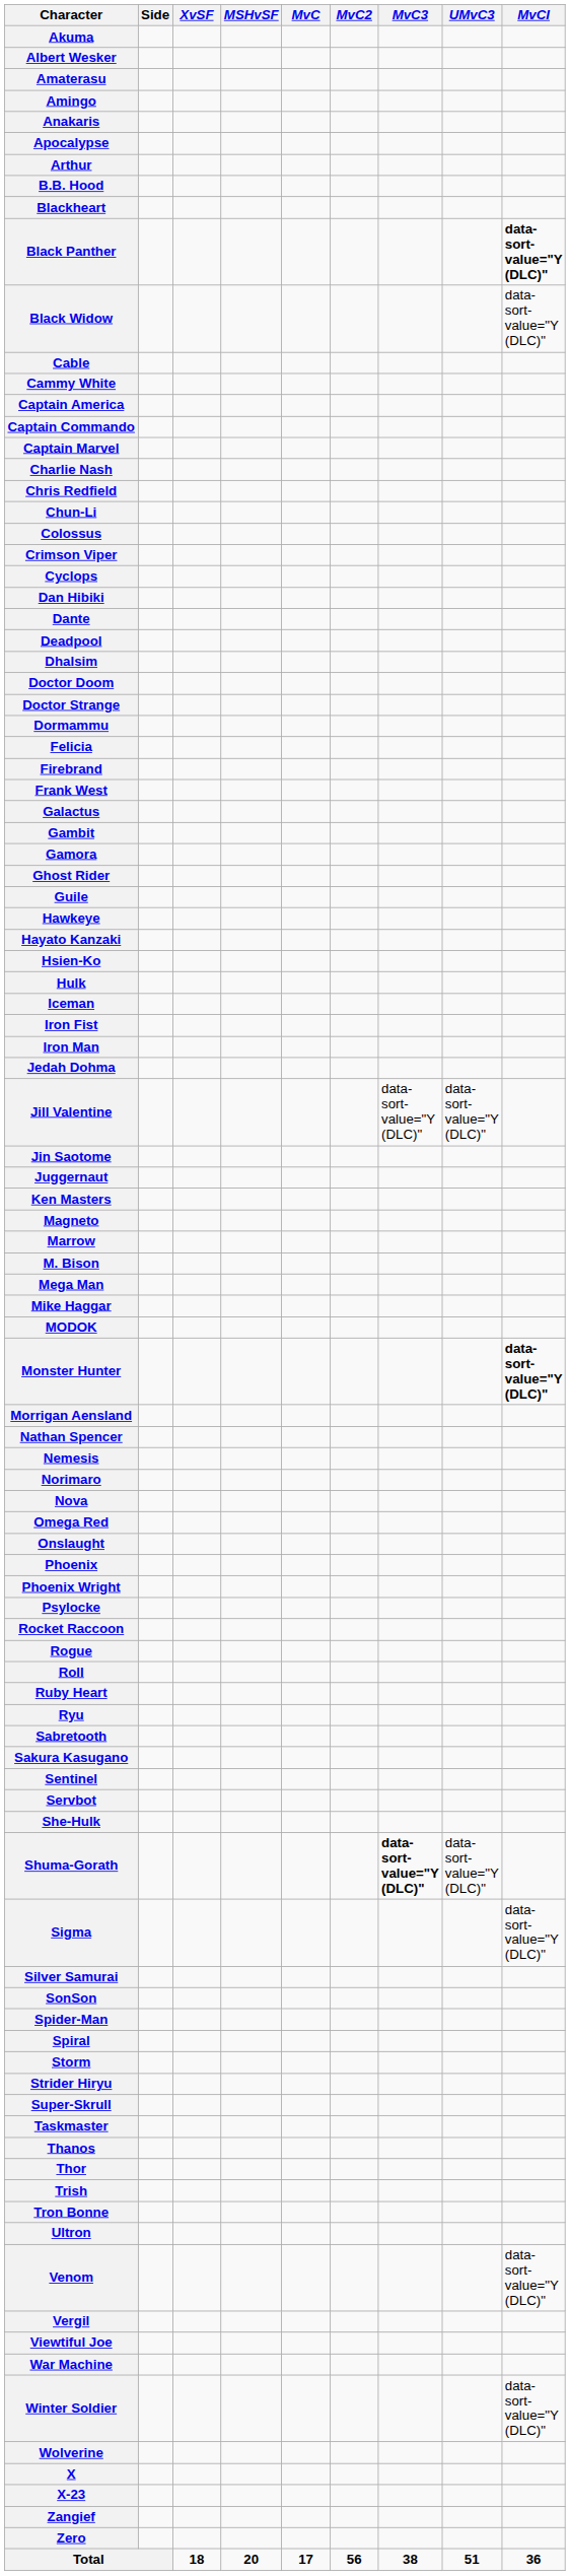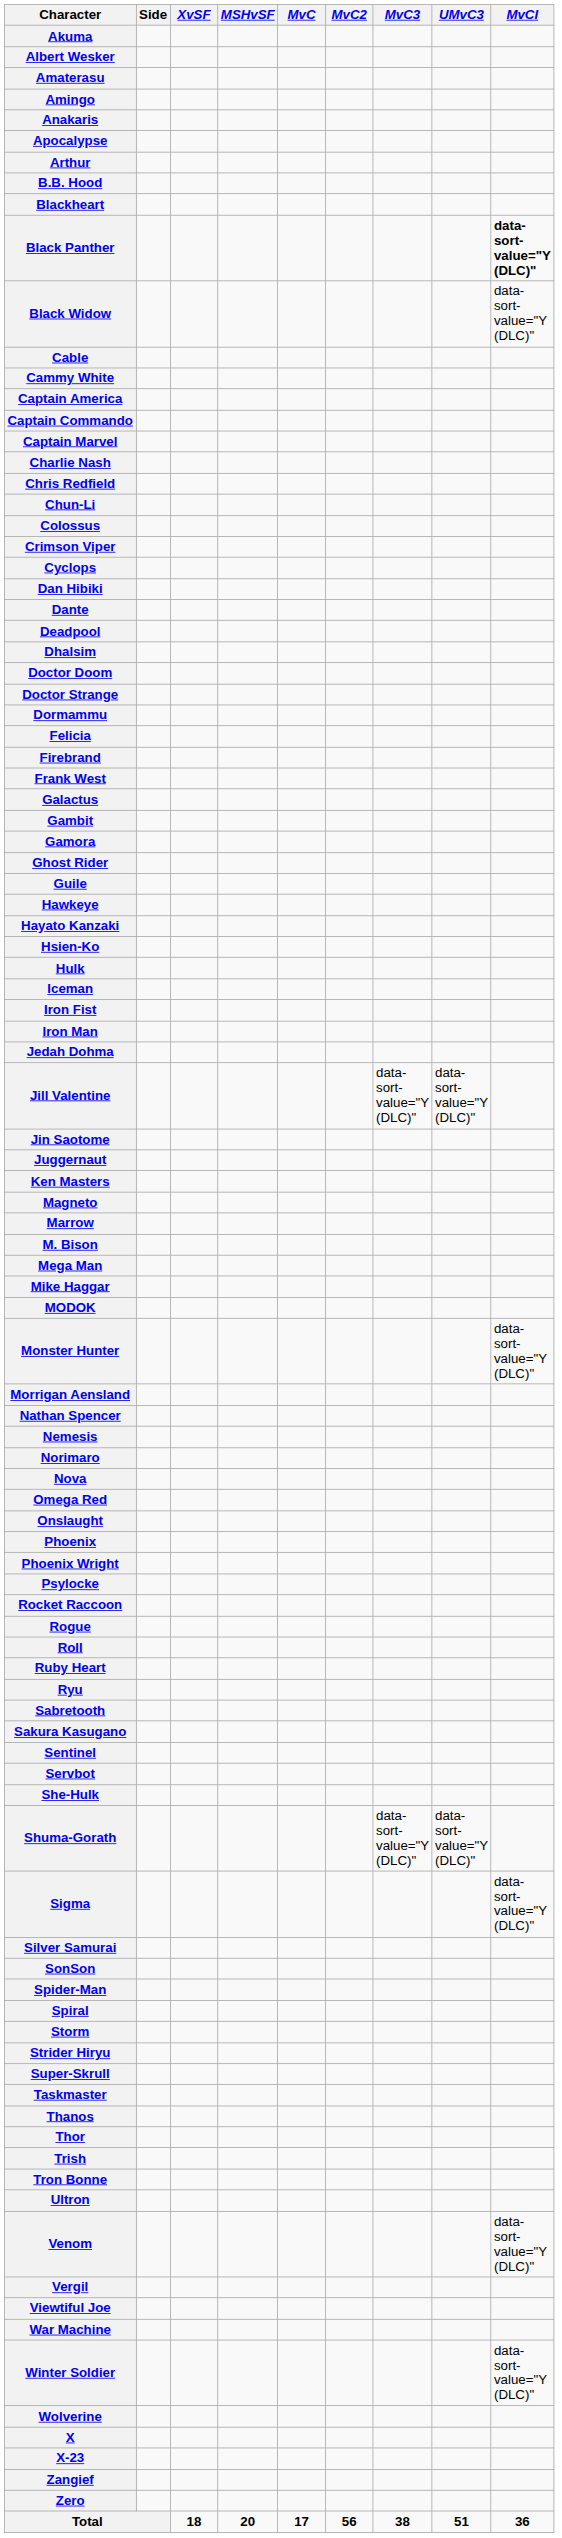 <table class="wikitable plainrowheaders sortable mw-collapsible mw-collapsed">
 <tr>
 <th>Character</th>
 <th>Side</th>
 <th style="text-align:center; width:50px;"><em><a href='#'>XvSF</a></em></th>
 <th style="text-align:center; width:50px;"><em><a href='#'>MSHvSF</a></em></th>
 <th style="text-align:center; width:50px;"><em><a href='#'>MvC</a></em></th>
 <th style="text-align:center; width:50px;"><em><a href='#'>MvC2</a></em></th>
 <th style="text-align:center; width:50px;"><em><a href='#'>MvC3</a></em></th>
 <th style="text-align:center; width:50px;"><em><a href='#'>UMvC3</a></em></th>
 <th style="text-align:center; width:50px;"><em><a href='#'>MvCI</a></em></th>
 </tr>
 <tr>
 <th scope="row"><a href='#'>Akuma</a></th>
 <td></td>
 <td></td>
 <td></td>
 <td></td>
 <td></td>
 <td></td>
 <td></td>
 <td></td>
 </tr>
 <tr>
 <th scope="row"><a href='#'>Albert Wesker</a></th>
 <td></td>
 <td></td>
 <td></td>
 <td></td>
 <td></td>
 <td></td>
 <td></td>
 <td></td>
 </tr>
 <tr>
 <th scope="row"><a href='#'>Amaterasu</a></th>
 <td></td>
 <td></td>
 <td></td>
 <td></td>
 <td></td>
 <td></td>
 <td></td>
 <td></td>
 </tr>
 <tr>
 <th scope="row"><a href='#'>Amingo</a></th>
 <td></td>
 <td></td>
 <td></td>
 <td></td>
 <td></td>
 <td></td>
 <td></td>
 <td></td>
 </tr>
 <tr>
 <th scope="row"><a href='#'>Anakaris</a></th>
 <td></td>
 <td></td>
 <td></td>
 <td></td>
 <td></td>
 <td></td>
 <td></td>
 <td></td>
 </tr>
 <tr>
 <th scope="row"><a href='#'>Apocalypse</a></th>
 <td></td>
 <td></td>
 <td></td>
 <td></td>
 <td></td>
 <td></td>
 <td></td>
 <td></td>
 </tr>
 <tr>
 <th scope="row"><a href='#'>Arthur</a></th>
 <td></td>
 <td></td>
 <td></td>
 <td></td>
 <td></td>
 <td></td>
 <td></td>
 <td></td>
 </tr>
 <tr>
 <th scope="row"><a href='#'>B.B. Hood</a></th>
 <td></td>
 <td></td>
 <td></td>
 <td></td>
 <td></td>
 <td></td>
 <td></td>
 <td></td>
 </tr>
 <tr>
 <th scope="row"><a href='#'>Blackheart</a></th>
 <td></td>
 <td></td>
 <td></td>
 <td></td>
 <td></td>
 <td></td>
 <td></td>
 <td></td>
 </tr>
 <tr>
 <th scope="row"><a href='#'>Black Panther</a></th>
 <td></td>
 <td></td>
 <td></td>
 <td></td>
 <td></td>
 <td></td>
 <td></td>
 <td><strong>data-sort-value="Y (DLC)" </strong></td>
 </tr>
 <tr>
 <th scope="row"><a href='#'>Black Widow</a></th>
 <td></td>
 <td></td>
 <td></td>
 <td></td>
 <td></td>
 <td></td>
 <td></td>
 <td>data-sort-value="Y (DLC)" </td>
 </tr>
 <tr>
 <th scope="row"><a href='#'>Cable</a></th>
 <td></td>
 <td></td>
 <td></td>
 <td></td>
 <td></td>
 <td></td>
 <td></td>
 <td></td>
 </tr>
 <tr>
 <th scope="row"><a href='#'>Cammy White</a></th>
 <td></td>
 <td></td>
 <td></td>
 <td></td>
 <td></td>
 <td></td>
 <td></td>
 <td></td>
 </tr>
 <tr>
 <th scope="row"><a href='#'>Captain America</a></th>
 <td></td>
 <td></td>
 <td></td>
 <td></td>
 <td></td>
 <td></td>
 <td></td>
 <td></td>
 </tr>
 <tr>
 <th scope="row"><a href='#'>Captain Commando</a></th>
 <td></td>
 <td></td>
 <td></td>
 <td></td>
 <td></td>
 <td></td>
 <td></td>
 <td></td>
 </tr>
 <tr>
 <th scope="row"><a href='#'>Captain Marvel</a></th>
 <td></td>
 <td></td>
 <td></td>
 <td></td>
 <td></td>
 <td></td>
 <td></td>
 <td></td>
 </tr>
 <tr>
 <th scope="row"><a href='#'>Charlie Nash</a></th>
 <td></td>
 <td></td>
 <td></td>
 <td></td>
 <td></td>
 <td></td>
 <td></td>
 <td></td>
 </tr>
 <tr>
 <th scope="row"><a href='#'>Chris Redfield</a></th>
 <td></td>
 <td></td>
 <td></td>
 <td></td>
 <td></td>
 <td></td>
 <td></td>
 <td></td>
 </tr>
 <tr>
 <th scope="row"><a href='#'>Chun-Li</a></th>
 <td></td>
 <td></td>
 <td></td>
 <td></td>
 <td></td>
 <td></td>
 <td></td>
 <td></td>
 </tr>
 <tr>
 <th scope="row"><a href='#'>Colossus</a></th>
 <td></td>
 <td></td>
 <td></td>
 <td></td>
 <td></td>
 <td></td>
 <td></td>
 <td></td>
 </tr>
 <tr>
 <th scope="row"><a href='#'>Crimson Viper</a></th>
 <td></td>
 <td></td>
 <td></td>
 <td></td>
 <td></td>
 <td></td>
 <td></td>
 <td></td>
 </tr>
 <tr>
 <th scope="row"><a href='#'>Cyclops</a></th>
 <td></td>
 <td></td>
 <td></td>
 <td></td>
 <td></td>
 <td></td>
 <td></td>
 <td></td>
 </tr>
 <tr>
 <th scope="row"><a href='#'>Dan Hibiki</a></th>
 <td></td>
 <td></td>
 <td></td>
 <td></td>
 <td></td>
 <td></td>
 <td></td>
 <td></td>
 </tr>
 <tr>
 <th scope="row"><a href='#'>Dante</a></th>
 <td></td>
 <td></td>
 <td></td>
 <td></td>
 <td></td>
 <td></td>
 <td></td>
 <td></td>
 </tr>
 <tr>
 <th scope="row"><a href='#'>Deadpool</a></th>
 <td></td>
 <td></td>
 <td></td>
 <td></td>
 <td></td>
 <td></td>
 <td></td>
 <td></td>
 </tr>
 <tr>
 <th scope="row"><a href='#'>Dhalsim</a></th>
 <td></td>
 <td></td>
 <td></td>
 <td></td>
 <td></td>
 <td></td>
 <td></td>
 <td></td>
 </tr>
 <tr>
 <th scope="row"><a href='#'>Doctor Doom</a></th>
 <td></td>
 <td></td>
 <td></td>
 <td></td>
 <td></td>
 <td></td>
 <td></td>
 <td></td>
 </tr>
 <tr>
 <th scope="row"><a href='#'>Doctor Strange</a></th>
 <td></td>
 <td></td>
 <td></td>
 <td></td>
 <td></td>
 <td></td>
 <td></td>
 <td></td>
 </tr>
 <tr>
 <th scope="row"><a href='#'>Dormammu</a></th>
 <td></td>
 <td></td>
 <td></td>
 <td></td>
 <td></td>
 <td></td>
 <td></td>
 <td></td>
 </tr>
 <tr>
 <th scope="row"><a href='#'>Felicia</a></th>
 <td></td>
 <td></td>
 <td></td>
 <td></td>
 <td></td>
 <td></td>
 <td></td>
 <td></td>
 </tr>
 <tr>
 <th scope="row"><a href='#'>Firebrand</a></th>
 <td></td>
 <td></td>
 <td></td>
 <td></td>
 <td></td>
 <td></td>
 <td></td>
 <td></td>
 </tr>
 <tr>
 <th scope="row"><a href='#'>Frank West</a></th>
 <td></td>
 <td></td>
 <td></td>
 <td></td>
 <td></td>
 <td></td>
 <td></td>
 <td></td>
 </tr>
 <tr>
 <th scope="row"><a href='#'>Galactus</a></th>
 <td></td>
 <td></td>
 <td></td>
 <td></td>
 <td></td>
 <td></td>
 <td></td>
 <td></td>
 </tr>
 <tr>
 <th scope="row"><a href='#'>Gambit</a></th>
 <td></td>
 <td></td>
 <td></td>
 <td></td>
 <td></td>
 <td></td>
 <td></td>
 <td></td>
 </tr>
 <tr>
 <th scope="row"><a href='#'>Gamora</a></th>
 <td></td>
 <td></td>
 <td></td>
 <td></td>
 <td></td>
 <td></td>
 <td></td>
 <td></td>
 </tr>
 <tr>
 <th scope="row"><a href='#'>Ghost Rider</a></th>
 <td></td>
 <td></td>
 <td></td>
 <td></td>
 <td></td>
 <td></td>
 <td></td>
 <td></td>
 </tr>
 <tr>
 <th scope="row"><a href='#'>Guile</a></th>
 <td></td>
 <td></td>
 <td></td>
 <td></td>
 <td></td>
 <td></td>
 <td></td>
 <td></td>
 </tr>
 <tr>
 <th scope="row"><a href='#'>Hawkeye</a></th>
 <td></td>
 <td></td>
 <td></td>
 <td></td>
 <td></td>
 <td></td>
 <td></td>
 <td></td>
 </tr>
 <tr>
 <th scope="row"><a href='#'>Hayato Kanzaki</a></th>
 <td></td>
 <td></td>
 <td></td>
 <td></td>
 <td></td>
 <td></td>
 <td></td>
 <td></td>
 </tr>
 <tr>
 <th scope="row"><a href='#'>Hsien-Ko</a></th>
 <td></td>
 <td></td>
 <td></td>
 <td></td>
 <td></td>
 <td></td>
 <td></td>
 <td></td>
 </tr>
 <tr>
 <th scope="row"><a href='#'>Hulk</a></th>
 <td></td>
 <td></td>
 <td></td>
 <td></td>
 <td></td>
 <td></td>
 <td></td>
 <td></td>
 </tr>
 <tr>
 <th scope="row"><a href='#'>Iceman</a></th>
 <td></td>
 <td></td>
 <td></td>
 <td></td>
 <td></td>
 <td></td>
 <td></td>
 <td></td>
 </tr>
 <tr>
 <th scope="row"><a href='#'>Iron Fist</a></th>
 <td></td>
 <td></td>
 <td></td>
 <td></td>
 <td></td>
 <td></td>
 <td></td>
 <td></td>
 </tr>
 <tr>
 <th scope="row"><a href='#'>Iron Man</a></th>
 <td></td>
 <td></td>
 <td></td>
 <td></td>
 <td></td>
 <td></td>
 <td></td>
 <td></td>
 </tr>
 <tr>
 <th scope="row"><a href='#'>Jedah Dohma</a></th>
 <td></td>
 <td></td>
 <td></td>
 <td></td>
 <td></td>
 <td></td>
 <td></td>
 <td></td>
 </tr>
 <tr>
 <th scope="row"><a href='#'>Jill Valentine</a></th>
 <td></td>
 <td></td>
 <td></td>
 <td></td>
 <td></td>
 <td>data-sort-value="Y (DLC)" </td>
 <td>data-sort-value="Y (DLC)" </td>
 <td></td>
 </tr>
 <tr>
 <th scope="row"><a href='#'>Jin Saotome</a></th>
 <td></td>
 <td></td>
 <td></td>
 <td></td>
 <td></td>
 <td></td>
 <td></td>
 <td></td>
 </tr>
 <tr>
 <th scope="row"><a href='#'>Juggernaut</a></th>
 <td></td>
 <td></td>
 <td></td>
 <td></td>
 <td></td>
 <td></td>
 <td></td>
 <td></td>
 </tr>
 <tr>
 <th scope="row"><a href='#'>Ken Masters</a></th>
 <td></td>
 <td></td>
 <td></td>
 <td></td>
 <td></td>
 <td></td>
 <td></td>
 <td></td>
 </tr>
 <tr>
 <th scope="row"><a href='#'>Magneto</a></th>
 <td></td>
 <td></td>
 <td></td>
 <td></td>
 <td></td>
 <td></td>
 <td></td>
 <td></td>
 </tr>
 <tr>
 <th scope="row"><a href='#'>Marrow</a></th>
 <td></td>
 <td></td>
 <td></td>
 <td></td>
 <td></td>
 <td></td>
 <td></td>
 <td></td>
 </tr>
 <tr>
 <th scope="row"><a href='#'>M. Bison</a></th>
 <td></td>
 <td></td>
 <td></td>
 <td></td>
 <td></td>
 <td></td>
 <td></td>
 <td></td>
 </tr>
 <tr>
 <th scope="row"><a href='#'>Mega Man</a></th>
 <td></td>
 <td></td>
 <td></td>
 <td></td>
 <td></td>
 <td></td>
 <td></td>
 <td></td>
 </tr>
 <tr>
 <th scope="row"><a href='#'>Mike Haggar</a></th>
 <td></td>
 <td></td>
 <td></td>
 <td></td>
 <td></td>
 <td></td>
 <td></td>
 <td></td>
 </tr>
 <tr>
 <th scope="row"><a href='#'>MODOK</a></th>
 <td></td>
 <td></td>
 <td></td>
 <td></td>
 <td></td>
 <td></td>
 <td></td>
 <td></td>
 </tr>
 <tr>
 <th scope="row"><a href='#'>Monster Hunter</a></th>
 <td></td>
 <td></td>
 <td></td>
 <td></td>
 <td></td>
 <td></td>
 <td></td>
-<td><strong>data-sort-value="Y (DLC)" </strong></td>
+<td>data-sort-value="Y (DLC)" </td>
 </tr>
 <tr>
 <th scope="row"><a href='#'>Morrigan Aensland</a></th>
 <td></td>
 <td></td>
 <td></td>
 <td></td>
 <td></td>
 <td></td>
 <td></td>
 <td></td>
 </tr>
 <tr>
 <th scope="row"><a href='#'>Nathan Spencer</a></th>
 <td></td>
 <td></td>
 <td></td>
 <td></td>
 <td></td>
 <td></td>
 <td></td>
 <td></td>
 </tr>
 <tr>
 <th scope="row"><a href='#'>Nemesis</a></th>
 <td></td>
 <td></td>
 <td></td>
 <td></td>
 <td></td>
 <td></td>
 <td></td>
 <td></td>
 </tr>
 <tr>
 <th scope="row"><a href='#'>Norimaro</a></th>
 <td></td>
 <td></td>
 <td></td>
 <td></td>
 <td></td>
 <td></td>
 <td></td>
 <td></td>
 </tr>
 <tr>
 <th scope="row"><a href='#'>Nova</a></th>
 <td></td>
 <td></td>
 <td></td>
 <td></td>
 <td></td>
 <td></td>
 <td></td>
 <td></td>
 </tr>
 <tr>
 <th scope="row"><a href='#'>Omega Red</a></th>
 <td></td>
 <td></td>
 <td></td>
 <td></td>
 <td></td>
 <td></td>
 <td></td>
 <td></td>
 </tr>
 <tr>
 <th scope="row"><a href='#'>Onslaught</a></th>
 <td></td>
 <td></td>
 <td></td>
 <td></td>
 <td></td>
 <td></td>
 <td></td>
 <td></td>
 </tr>
 <tr>
 <th scope="row"><a href='#'>Phoenix</a></th>
 <td></td>
 <td></td>
 <td></td>
 <td></td>
 <td></td>
 <td></td>
 <td></td>
 <td></td>
 </tr>
 <tr>
 <th scope="row"><a href='#'>Phoenix Wright</a></th>
 <td></td>
 <td></td>
 <td></td>
 <td></td>
 <td></td>
 <td></td>
 <td></td>
 <td></td>
 </tr>
 <tr>
 <th scope="row"><a href='#'>Psylocke</a></th>
 <td></td>
 <td></td>
 <td></td>
 <td></td>
 <td></td>
 <td></td>
 <td></td>
 <td></td>
 </tr>
 <tr>
 <th scope="row"><a href='#'>Rocket Raccoon</a></th>
 <td></td>
 <td></td>
 <td></td>
 <td></td>
 <td></td>
 <td></td>
 <td></td>
 <td></td>
 </tr>
 <tr>
 <th scope="row"><a href='#'>Rogue</a></th>
 <td></td>
 <td></td>
 <td></td>
 <td></td>
 <td></td>
 <td></td>
 <td></td>
 <td></td>
 </tr>
 <tr>
 <th scope="row"><a href='#'>Roll</a></th>
 <td></td>
 <td></td>
 <td></td>
 <td></td>
 <td></td>
 <td></td>
 <td></td>
 <td></td>
 </tr>
 <tr>
 <th scope="row"><a href='#'>Ruby Heart</a></th>
 <td></td>
 <td></td>
 <td></td>
 <td></td>
 <td></td>
 <td></td>
 <td></td>
 <td></td>
 </tr>
 <tr>
 <th scope="row"><a href='#'>Ryu</a></th>
 <td></td>
 <td></td>
 <td></td>
 <td></td>
 <td></td>
 <td></td>
 <td></td>
 <td></td>
 </tr>
 <tr>
 <th scope="row"><a href='#'>Sabretooth</a></th>
 <td></td>
 <td></td>
 <td></td>
 <td></td>
 <td></td>
 <td></td>
 <td></td>
 <td></td>
 </tr>
 <tr>
 <th scope="row"><a href='#'>Sakura Kasugano</a></th>
 <td></td>
 <td></td>
 <td></td>
 <td></td>
 <td></td>
 <td></td>
 <td></td>
 <td></td>
 </tr>
 <tr>
 <th scope="row"><a href='#'>Sentinel</a></th>
 <td></td>
 <td></td>
 <td></td>
 <td></td>
 <td></td>
 <td></td>
 <td></td>
 <td></td>
 </tr>
 <tr>
 <th scope="row"><a href='#'>Servbot</a></th>
 <td></td>
 <td></td>
 <td></td>
 <td></td>
 <td></td>
 <td></td>
 <td></td>
 <td></td>
 </tr>
 <tr>
 <th scope="row"><a href='#'>She-Hulk</a></th>
 <td></td>
 <td></td>
 <td></td>
 <td></td>
 <td></td>
 <td></td>
 <td></td>
 <td></td>
 </tr>
 <tr>
 <th scope="row"><a href='#'>Shuma-Gorath</a></th>
 <td></td>
 <td></td>
 <td></td>
 <td></td>
 <td></td>
-<td><strong>data-sort-value="Y (DLC)" </strong></td>
+<td>data-sort-value="Y (DLC)" </td>
 <td>data-sort-value="Y (DLC)" </td>
 <td></td>
 </tr>
 <tr>
 <th scope="row"><a href='#'>Sigma</a></th>
 <td></td>
 <td></td>
 <td></td>
 <td></td>
 <td></td>
 <td></td>
 <td></td>
 <td>data-sort-value="Y (DLC)" </td>
 </tr>
 <tr>
 <th scope="row"><a href='#'>Silver Samurai</a></th>
 <td></td>
 <td></td>
 <td></td>
 <td></td>
 <td></td>
 <td></td>
 <td></td>
 <td></td>
 </tr>
 <tr>
 <th scope="row"><a href='#'>SonSon</a></th>
 <td></td>
 <td></td>
 <td></td>
 <td></td>
 <td></td>
 <td></td>
 <td></td>
 <td></td>
 </tr>
 <tr>
 <th scope="row"><a href='#'>Spider-Man</a></th>
 <td></td>
 <td></td>
 <td></td>
 <td></td>
 <td></td>
 <td></td>
 <td></td>
 <td></td>
 </tr>
 <tr>
 <th scope="row"><a href='#'>Spiral</a></th>
 <td></td>
 <td></td>
 <td></td>
 <td></td>
 <td></td>
 <td></td>
 <td></td>
 <td></td>
 </tr>
 <tr>
 <th scope="row"><a href='#'>Storm</a></th>
 <td></td>
 <td></td>
 <td></td>
 <td></td>
 <td></td>
 <td></td>
 <td></td>
 <td></td>
 </tr>
 <tr>
 <th scope="row"><a href='#'>Strider Hiryu</a></th>
 <td></td>
 <td></td>
 <td></td>
 <td></td>
 <td></td>
 <td></td>
 <td></td>
 <td></td>
 </tr>
 <tr>
 <th scope="row"><a href='#'>Super-Skrull</a></th>
 <td></td>
 <td></td>
 <td></td>
 <td></td>
 <td></td>
 <td></td>
 <td></td>
 <td></td>
 </tr>
 <tr>
 <th scope="row"><a href='#'>Taskmaster</a></th>
 <td></td>
 <td></td>
 <td></td>
 <td></td>
 <td></td>
 <td></td>
 <td></td>
 <td></td>
 </tr>
 <tr>
 <th scope="row"><a href='#'>Thanos</a></th>
 <td></td>
 <td></td>
 <td></td>
 <td></td>
 <td></td>
 <td></td>
 <td></td>
 <td></td>
 </tr>
 <tr>
 <th scope="row"><a href='#'>Thor</a></th>
 <td></td>
 <td></td>
 <td></td>
 <td></td>
 <td></td>
 <td></td>
 <td></td>
 <td></td>
 </tr>
 <tr>
 <th scope="row"><a href='#'>Trish</a></th>
 <td></td>
 <td></td>
 <td></td>
 <td></td>
 <td></td>
 <td></td>
 <td></td>
 <td></td>
 </tr>
 <tr>
 <th scope="row"><a href='#'>Tron Bonne</a></th>
 <td></td>
 <td></td>
 <td></td>
 <td></td>
 <td></td>
 <td></td>
 <td></td>
 <td></td>
 </tr>
 <tr>
 <th scope="row"><a href='#'>Ultron</a></th>
 <td></td>
 <td></td>
 <td></td>
 <td></td>
 <td></td>
 <td></td>
 <td></td>
 <td></td>
 </tr>
 <tr>
 <th scope="row"><a href='#'>Venom</a></th>
 <td></td>
 <td></td>
 <td></td>
 <td></td>
 <td></td>
 <td></td>
 <td></td>
 <td>data-sort-value="Y (DLC)" </td>
 </tr>
 <tr>
 <th scope="row"><a href='#'>Vergil</a></th>
 <td></td>
 <td></td>
 <td></td>
 <td></td>
 <td></td>
 <td></td>
 <td></td>
 <td></td>
 </tr>
 <tr>
 <th scope="row"><a href='#'>Viewtiful Joe</a></th>
 <td></td>
 <td></td>
 <td></td>
 <td></td>
 <td></td>
 <td></td>
 <td></td>
 <td></td>
 </tr>
 <tr>
 <th scope="row"><a href='#'>War Machine</a></th>
 <td></td>
 <td></td>
 <td></td>
 <td></td>
 <td></td>
 <td></td>
 <td></td>
 <td></td>
 </tr>
 <tr>
 <th scope="row"><a href='#'>Winter Soldier</a></th>
 <td></td>
 <td></td>
 <td></td>
 <td></td>
 <td></td>
 <td></td>
 <td></td>
 <td>data-sort-value="Y (DLC)" </td>
 </tr>
 <tr>
 <th scope="row"><a href='#'>Wolverine</a></th>
 <td></td>
 <td></td>
 <td></td>
 <td></td>
 <td></td>
 <td></td>
 <td></td>
 <td></td>
 </tr>
 <tr>
 <th scope="row"><a href='#'>X</a></th>
 <td></td>
 <td></td>
 <td></td>
 <td></td>
 <td></td>
 <td></td>
 <td></td>
 <td></td>
 </tr>
 <tr>
 <th scope="row"><a href='#'>X-23</a></th>
 <td></td>
 <td></td>
 <td></td>
 <td></td>
 <td></td>
 <td></td>
 <td></td>
 <td></td>
 </tr>
 <tr>
 <th scope="row"><a href='#'>Zangief</a></th>
 <td></td>
 <td></td>
 <td></td>
 <td></td>
 <td></td>
 <td></td>
 <td></td>
 <td></td>
 </tr>
 <tr>
 <th scope="row"><a href='#'>Zero</a></th>
 <td></td>
 <td></td>
 <td></td>
 <td></td>
 <td></td>
 <td></td>
 <td></td>
 <td></td>
 </tr>
 <tr class="sortbottom" style="text-align:center;">
 <th colspan="2"><strong>Total</strong></th>
 <td><strong>18</strong></td>
 <td><strong>20</strong></td>
 <td><strong>17</strong></td>
 <td><strong>56</strong></td>
 <td><strong>38</strong></td>
 <td><strong>51</strong></td>
 <td><strong>36</strong></td>
 </tr>
 </table>
